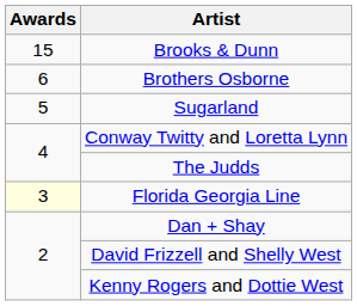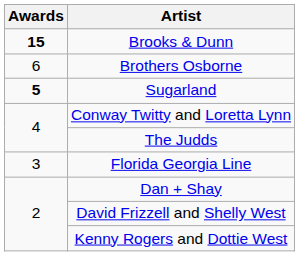 <table class="wikitable" rowspan="2" style="text-align:center;">
 <tr>
 <th scope="col" style="width:55px;">Awards</th>
 <th scope="col" style="text-align:center;">Artist</th>
 </tr>
 <tr>
-<td>15</td>
+<td><strong>15</strong></td>
 <td><a href='#'>Brooks & Dunn</a></td>
 </tr>
 <tr>
 <td>6</td>
 <td><a href='#'>Brothers Osborne</a></td>
 </tr>
 <tr>
-<td>5</td>
+<td><strong>5</strong></td>
 <td><a href='#'>Sugarland</a></td>
 </tr>
 <tr>
 <td rowspan=2>4</td>
 <td><a href='#'>Conway Twitty</a> and <a href='#'>Loretta Lynn</a></td>
 </tr>
 <tr>
 <td><a href='#'>The Judds</a></td>
 </tr>
 <tr>
-<td style="background: lightyellow;">3</td>
+<td>3</td>
 <td><a href='#'>Florida Georgia Line</a></td>
 </tr>
 <tr>
 <td rowspan=3>2</td>
 <td><a href='#'>Dan + Shay</a></td>
 </tr>
 <tr>
 <td><a href='#'>David Frizzell</a> and <a href='#'>Shelly West</a></td>
 </tr>
 <tr>
 <td><a href='#'>Kenny Rogers</a> and <a href='#'>Dottie West</a></td>
 </tr>
 </table>
